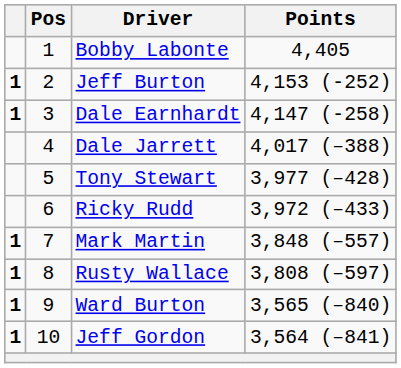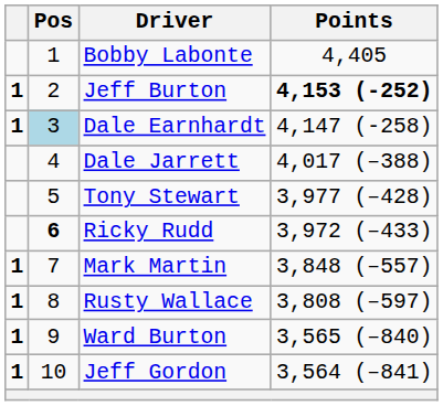 <table class="wikitable" style="font-size: 95%;">
 <tr>
 <th></th>
 <th>Pos</th>
 <th>Driver</th>
 <th>Points</th>
 </tr>
 <tr>
 <td align="left"></td>
 <td style="text-align:center;">1</td>
 <td><a href='#'>Bobby Labonte</a></td>
 <td style="text-align:center;">4,405</td>
 </tr>
 <tr>
 <td align="left">  <strong>1</strong></td>
 <td style="text-align:center;">2</td>
 <td><a href='#'>Jeff Burton</a></td>
-<td style="text-align:center;">4,153 (-252)</td>
+<td style="text-align:center;"><strong>4,153 (-252)</strong></td>
 </tr>
 <tr>
 <td align="left">  <strong>1</strong></td>
-<td style="text-align:center;">3</td>
+<td style="background: lightblue; text-align:center;">3</td>
 <td><a href='#'>Dale Earnhardt</a></td>
 <td style="text-align:center;">4,147 (-258)</td>
 </tr>
 <tr>
 <td align="left"></td>
 <td style="text-align:center;">4</td>
 <td><a href='#'>Dale Jarrett</a></td>
 <td style="text-align:center;">4,017 (–388)</td>
 </tr>
 <tr>
 <td align="left"></td>
 <td style="text-align:center;">5</td>
 <td><a href='#'>Tony Stewart</a></td>
 <td style="text-align:center;">3,977 (–428)</td>
 </tr>
 <tr>
 <td align="left"></td>
-<td style="text-align:center;">6</td>
+<td style="text-align:center;"><strong>6</strong></td>
 <td><a href='#'>Ricky Rudd</a></td>
 <td style="text-align:center;">3,972 (–433)</td>
 </tr>
 <tr>
 <td align="left">  <strong>1</strong></td>
 <td style="text-align:center;">7</td>
 <td><a href='#'>Mark Martin</a></td>
 <td style="text-align:center;">3,848 (–557)</td>
 </tr>
 <tr>
 <td align="left">  <strong>1</strong></td>
 <td style="text-align:center;">8</td>
 <td><a href='#'>Rusty Wallace</a></td>
 <td style="text-align:center;">3,808 (–597)</td>
 </tr>
 <tr>
 <td align="left">  <strong>1</strong></td>
 <td style="text-align:center;">9</td>
 <td><a href='#'>Ward Burton</a></td>
 <td style="text-align:center;">3,565 (–840)</td>
 </tr>
 <tr>
 <td align="left">  <strong>1</strong></td>
 <td style="text-align:center;">10</td>
 <td><a href='#'>Jeff Gordon</a></td>
 <td style="text-align:center;">3,564 (–841)</td>
 </tr>
 <tr class="sortbottom">
 <th colspan="9"></th>
 </tr>
 </table>
